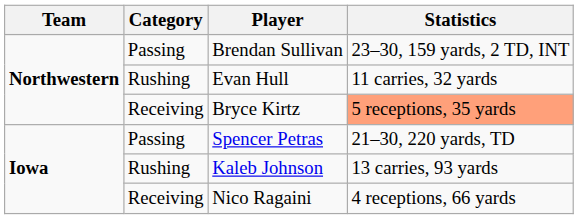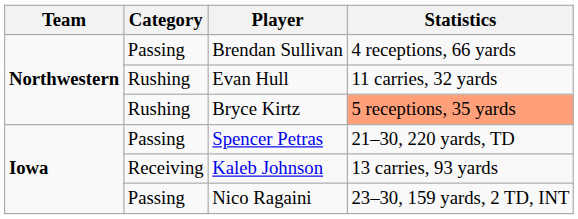 <table class="wikitable" style="float: left;">
 <tr>
 <th>Team</th>
 <th>Category</th>
 <th>Player</th>
 <th>Statistics</th>
 </tr>
 <tr>
 <td rowspan=3><strong>Northwestern</strong></td>
 <td>Passing</td>
 <td>Brendan Sullivan</td>
-<td>23–30, 159 yards, 2 TD, INT</td>
+<td>4 receptions, 66 yards</td>
 </tr>
 <tr>
 <td>Rushing</td>
 <td>Evan Hull</td>
 <td>11 carries, 32 yards</td>
 </tr>
 <tr>
-<td>Receiving</td>
+<td>Rushing</td>
 <td>Bryce Kirtz</td>
 <td style="background: lightsalmon;">5 receptions, 35 yards</td>
 </tr>
 <tr>
 <td rowspan=3><strong>Iowa</strong></td>
 <td>Passing</td>
 <td><a href='#'>Spencer Petras</a></td>
 <td>21–30, 220 yards, TD</td>
 </tr>
 <tr>
-<td>Rushing</td>
+<td>Receiving</td>
 <td><a href='#'>Kaleb Johnson</a></td>
 <td>13 carries, 93 yards</td>
 </tr>
 <tr>
-<td>Receiving</td>
+<td>Passing</td>
 <td>Nico Ragaini</td>
-<td>4 receptions, 66 yards</td>
+<td>23–30, 159 yards, 2 TD, INT</td>
 </tr>
 </table>
